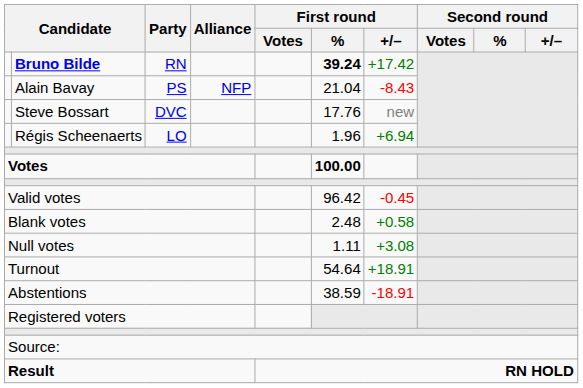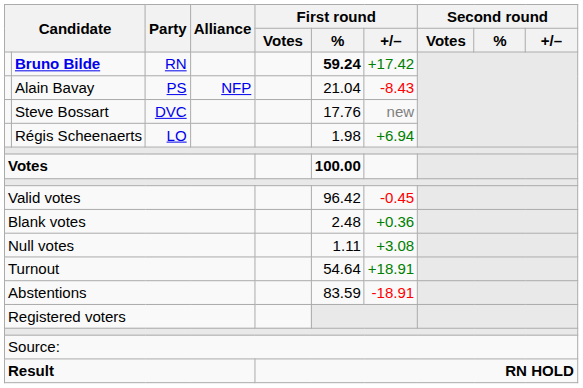 <table class="wikitable" style="text-align:right;font-size:95%;">
 <tr>
 <th rowspan="2" colspan="2">Candidate</th>
 <th colspan="1" rowspan="2">Party</th>
 <th colspan="1" rowspan="2">Alliance</th>
 <th colspan="3">First round</th>
 <th colspan="3">Second round</th>
 </tr>
 <tr>
 <th style="width:50px;">Votes</th>
 <th style="width:45px;">%</th>
 <th style="width:45px;">+/–</th>
 <th style="width:50px;">Votes</th>
 <th style="width:45px;">%</th>
 <th style="width:45px;">+/–</th>
 </tr>
 <tr>
 <td style="background:"></td>
 <td style="text-align:left;"><strong><a href='#'>Bruno Bilde</a></strong></td>
 <td><a href='#'>RN</a></td>
 <td></td>
 <td><strong></strong></td>
-<td><strong>39.24</strong></td>
+<td><strong>59.24</strong></td>
 <td style="color:green;">+17.42</td>
 <td colspan="3" rowspan="4" style="background:#E9E9E9;"></td>
 </tr>
 <tr>
 <td style="background:"></td>
 <td style="text-align:left;">Alain Bavay</td>
 <td><a href='#'>PS</a></td>
 <td><a href='#'>NFP</a></td>
 <td></td>
 <td>21.04</td>
 <td style="color:red;">-8.43</td>
 </tr>
 <tr>
 <td style="background:"></td>
 <td style="text-align:left;">Steve Bossart</td>
 <td><a href='#'>DVC</a></td>
 <td></td>
 <td></td>
 <td>17.76</td>
 <td style="color:grey;">new</td>
 </tr>
 <tr>
 <td style="background:"></td>
 <td style="text-align:left;">Régis Scheenaerts</td>
 <td><a href='#'>LO</a></td>
 <td></td>
 <td></td>
-<td>1.96</td>
+<td>1.98</td>
 <td style="color:green;">+6.94</td>
 </tr>
 <tr>
 <td colspan="10" style="background:#E9E9E9;"></td>
 </tr>
 <tr style="font-weight:bold;">
 <td colspan="4" style="text-align:left;">Votes</td>
 <td></td>
 <td>100.00</td>
 <td></td>
 <td colspan="3" rowspan="1" style="background:#E9E9E9;"></td>
 </tr>
 <tr>
 <td colspan="10" style="background:#E9E9E9;"></td>
 </tr>
 <tr>
 <td colspan="4" style="text-align:left;">Valid votes</td>
 <td></td>
 <td>96.42</td>
 <td style="color:red;">-0.45</td>
 <td colspan="3" rowspan="1" style="background:#E9E9E9;"></td>
 </tr>
 <tr>
 <td colspan="4" style="text-align:left;">Blank votes</td>
 <td></td>
 <td>2.48</td>
-<td style="color:green;">+0.58</td>
+<td style="color:green;">+0.36</td>
 <td colspan="3" rowspan="1" style="background:#E9E9E9;"></td>
 </tr>
 <tr>
 <td colspan="4" style="text-align:left;">Null votes</td>
 <td></td>
 <td>1.11</td>
 <td style="color:green;">+3.08</td>
 <td colspan="3" rowspan="1" style="background:#E9E9E9;"></td>
 </tr>
 <tr>
 <td colspan="4" style="text-align:left;">Turnout</td>
 <td></td>
 <td>54.64</td>
 <td style="color:green;">+18.91</td>
 <td colspan="3" rowspan="1" style="background:#E9E9E9;"></td>
 </tr>
 <tr>
 <td colspan="4" style="text-align:left;">Abstentions</td>
 <td></td>
-<td>38.59</td>
+<td>83.59</td>
 <td style="color:red;">-18.91</td>
 <td colspan="3" rowspan="1" style="background:#E9E9E9;"></td>
 </tr>
 <tr>
 <td colspan="4" style="text-align:left;">Registered voters</td>
 <td></td>
 <td colspan="2" style="background:#E9E9E9;"></td>
 <td colspan="3" rowspan="1" style="background:#E9E9E9;"></td>
 </tr>
 <tr>
 <td colspan="10" style="background:#E9E9E9;"></td>
 </tr>
 <tr>
 <td colspan="10" style="text-align:left;">Source: </td>
 </tr>
 <tr style="font-weight:bold">
 <td colspan="4" style="text-align:left;">Result</td>
 <td colspan="6" style="background-color:">RN HOLD</td>
 </tr>
 </table>
